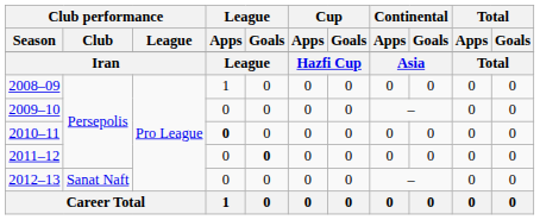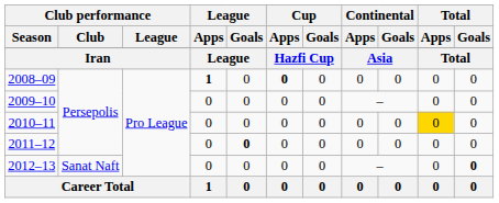 <table class="wikitable" style="text-align:center">
 <tr>
 <th colspan=3>Club performance</th>
 <th colspan=2>League</th>
 <th colspan=2>Cup</th>
 <th colspan=2>Continental</th>
 <th colspan=2>Total</th>
 </tr>
 <tr>
 <th>Season</th>
 <th>Club</th>
 <th>League</th>
 <th>Apps</th>
 <th>Goals</th>
 <th>Apps</th>
 <th>Goals</th>
 <th>Apps</th>
 <th>Goals</th>
 <th>Apps</th>
 <th>Goals</th>
 </tr>
 <tr>
 </tr>
 <tr>
 <th colspan=3>Iran</th>
 <th colspan=2>League</th>
 <th colspan=2><a href='#'>Hazfi Cup</a></th>
 <th colspan=2><a href='#'>Asia</a></th>
 <th colspan=2>Total</th>
 </tr>
 <tr>
 <td><a href='#'>2008–09</a></td>
 <td rowspan="4"><a href='#'>Persepolis</a></td>
 <td rowspan="5"><a href='#'>Pro League</a></td>
-<td>1</td>
+<td><strong>1</strong></td>
 <td>0</td>
-<td>0</td>
+<td><strong>0</strong></td>
 <td>0</td>
 <td>0</td>
 <td>0</td>
 <td>0</td>
 <td>0</td>
 </tr>
 <tr>
 <td><a href='#'>2009–10</a></td>
 <td>0</td>
 <td>0</td>
 <td>0</td>
 <td>0</td>
 <td colspan="2">–</td>
 <td>0</td>
 <td>0</td>
 </tr>
 <tr>
 <td><a href='#'>2010–11</a></td>
-<td><strong>0</strong></td>
 <td>0</td>
 <td>0</td>
 <td>0</td>
 <td>0</td>
 <td>0</td>
 <td>0</td>
+<td style="background: gold;">0</td>
 <td>0</td>
 </tr>
 <tr>
 <td><a href='#'>2011–12</a></td>
 <td>0</td>
 <td><strong>0</strong></td>
 <td>0</td>
 <td>0</td>
 <td>0</td>
 <td>0</td>
 <td>0</td>
 <td>0</td>
 </tr>
 <tr>
 <td><a href='#'>2012–13</a></td>
 <td rowspan="1"><a href='#'>Sanat Naft</a></td>
 <td>0</td>
 <td>0</td>
 <td>0</td>
 <td>0</td>
 <td colspan="2">–</td>
 <td>0</td>
-<td>0</td>
+<td><strong>0</strong></td>
 </tr>
 <tr>
 <th colspan="3">Career Total</th>
 <th>1</th>
 <th>0</th>
 <th>0</th>
 <th>0</th>
 <th>0</th>
 <th>0</th>
 <th>0</th>
 <th>0</th>
 </tr>
 </table>
